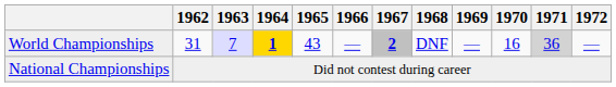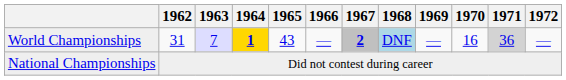 <table class="wikitable plainrowheaders">
 <tr>
 <th scope="col"></th>
 <th scope="col">1962</th>
 <th scope="col">1963</th>
 <th scope="col">1964</th>
 <th scope="col">1965</th>
 <th scope="col">1966</th>
 <th scope="col">1967</th>
 <th scope="col">1968</th>
 <th scope="col">1969</th>
 <th scope="col">1970</th>
 <th scope="col">1971</th>
 <th scope="col">1972</th>
 </tr>
 <tr style="text-align:center;">
 <td style="text-align:left; background:#efefef;"> <a href='#'>World Championships</a></td>
 <td><a href='#'>31</a></td>
 <td style="background:#ddf;"><a href='#'>7</a></td>
 <td style="background:gold;"><a href='#'><strong>1</strong></a></td>
 <td><a href='#'>43</a></td>
 <td><a href='#'>—</a></td>
 <td style="background:#C0C0C0;"><a href='#'><strong>2</strong></a></td>
-<td><a href='#'>DNF</a></td>
+<td style="background: lightblue;"><a href='#'>DNF</a></td>
 <td><a href='#'>—</a></td>
 <td><a href='#'>16</a></td>
 <td style="background: lightgrey;"><a href='#'>36</a></td>
 <td><a href='#'>—</a></td>
 </tr>
 <tr style="text-align:center;">
 <td style="text-align:left; background:#efefef;"> <a href='#'>National Championships</a></td>
 <td style="text-align:center; background:#efefef;" colspan=11><small>Did not contest during career</small></td>
 </tr>
 </table>
